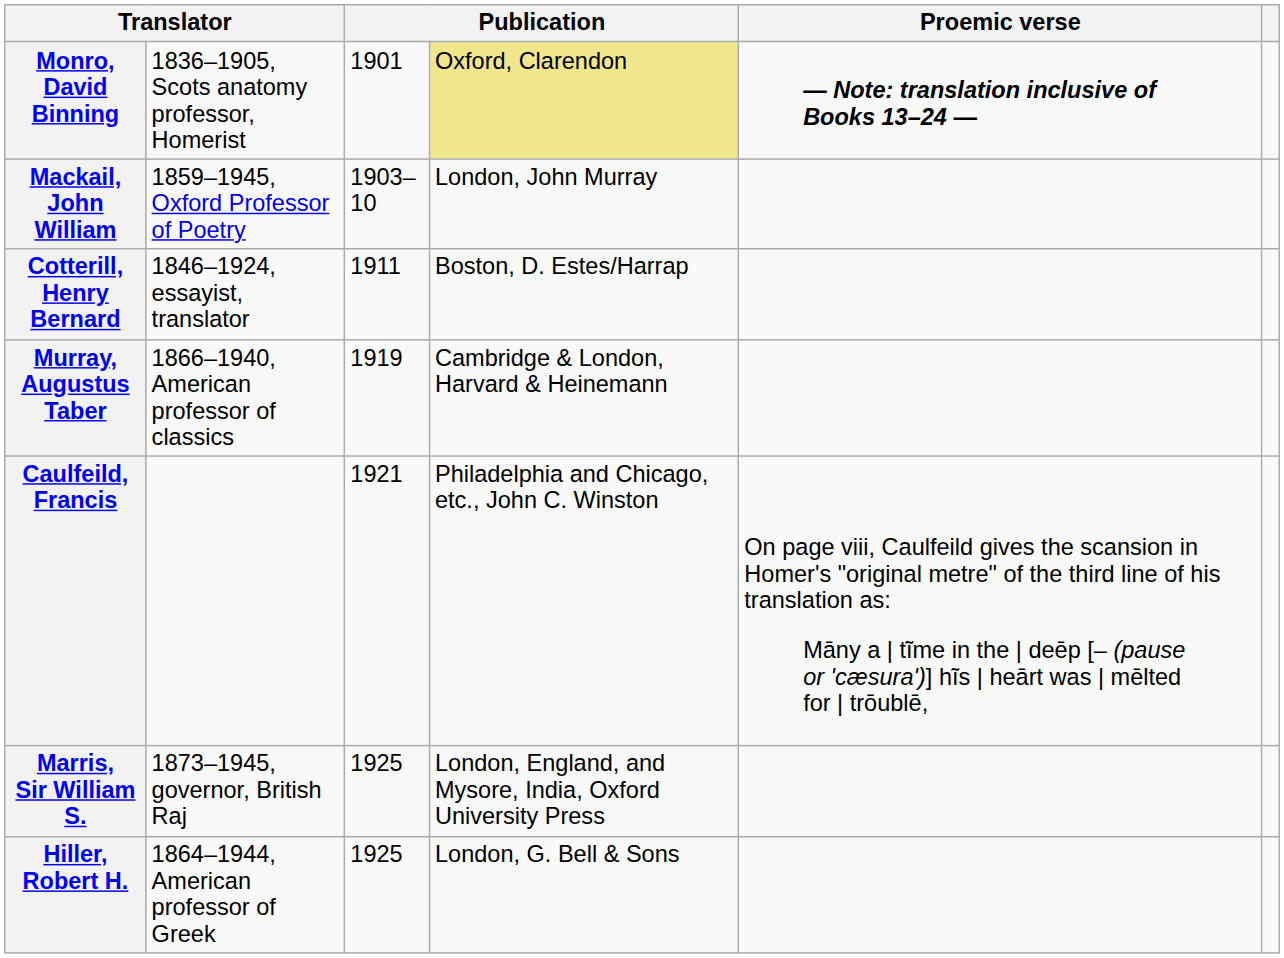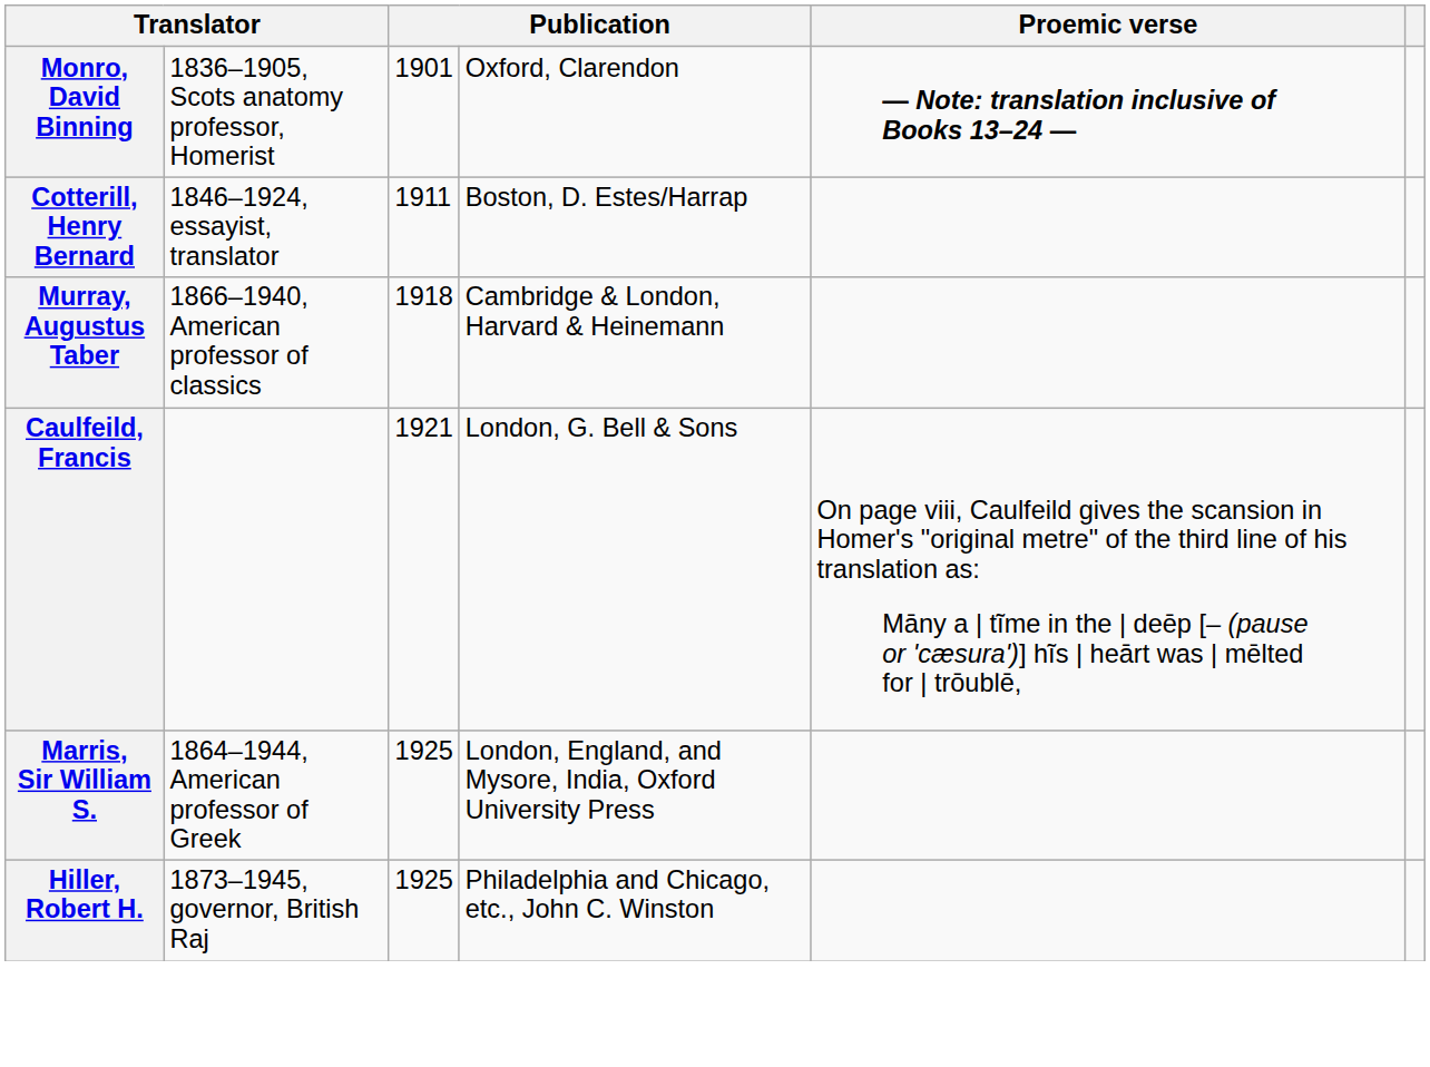 <table class="wikitable" ">
 <tr>
 <th scope="col" colspan="2">Translator</th>
 <th scope="col" colspan="2">Publication</th>
 <th scope="col">Proemic verse</th>
 <th scope="col"></th>
 </tr>
 <tr valign="top">
 <th><a href='#'>Monro,<br>David Binning</a></th>
 <td>1836–1905,<br>Scots anatomy professor, Homerist</td>
 <td>1901</td>
-<td style="background: khaki;">Oxford, Clarendon</td>
+<td>Oxford, Clarendon</td>
 <td style="vertical-align:bottom;"><strong><blockquote> — <em>Note: translation inclusive of  Books 13–24</em> —</blockquote></strong></td>
-<td></td>
-</tr>
-<tr valign="top">
-<th><a href='#'>Mackail,<br>John William</a></th>
-<td>1859–1945,<br><a href='#'>Oxford Professor of Poetry</a></td>
-<td>1903–10</td>
-<td>London, John Murray</td>
-<td style=white-space:nowrap><br><blockquote></blockquote> <blockquote></blockquote></td>
 <td></td>
 </tr>
 <tr valign="top">
 <th><a href='#'>Cotterill,<br>Henry Bernard</a></th>
 <td>1846–1924,<br>essayist, translator</td>
 <td>1911</td>
 <td>Boston, D. Estes/Harrap</td>
 <td><blockquote></blockquote><br><blockquote></blockquote></td>
 <td></td>
 </tr>
 <tr valign="top">
 <th><a href='#'>Murray,<br>Augustus Taber</a></th>
 <td>1866–1940,<br>American professor of classics</td>
-<td>1919</td>
+<td>1918</td>
 <td>Cambridge & London, Harvard & Heinemann</td>
 <td><blockquote></blockquote><br><blockquote></blockquote></td>
 <td></td>
 </tr>
 <tr valign="top">
 <th><a href='#'>Caulfeild,<br>Francis</a></th>
 <td> </td>
 <td>1921</td>
-<td>Philadelphia and Chicago, etc., John C. Winston</td>
+<td>London, G. Bell & Sons</td>
 <td><blockquote></blockquote><br><blockquote></blockquote> On page viii, Caulfeild gives the scansion in Homer's "original metre" of the third line of his translation as:<blockquote>Māny a | tĩme in the | deēp [<em>– (pause or 'cæsura')</em>] hĩs | heārt was | mēlted for | trōublē,</blockquote></td>
 <td></td>
 </tr>
 <tr valign="top">
 <th><a href='#'>Marris,<br>Sir William S.</a></th>
-<td>1873–1945,<br>governor, British Raj</td>
+<td>1864–1944,<br>American professor of Greek</td>
 <td>1925</td>
 <td>London, England, and Mysore, India, Oxford University Press</td>
 <td><blockquote></blockquote><br><blockquote></blockquote></td>
 <td> </td>
 </tr>
 <tr valign="top">
 <th><a href='#'>Hiller,<br>Robert H.</a></th>
-<td>1864–1944,<br>American professor of Greek</td>
+<td>1873–1945,<br>governor, British Raj</td>
 <td>1925</td>
-<td>London, G. Bell & Sons</td>
+<td>Philadelphia and Chicago, etc., John C. Winston</td>
 <td style=white-space:nowrap><br><blockquote></blockquote> <blockquote></blockquote></td>
 <td></td>
 </tr>
 </table>
